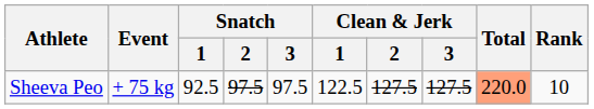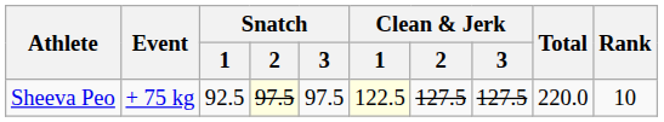 <table class=wikitable style="font-size:95%">
 <tr>
 <th rowspan="2">Athlete</th>
 <th rowspan="2">Event</th>
 <th colspan="3">Snatch</th>
 <th colspan="3">Clean & Jerk</th>
 <th rowspan="2">Total</th>
 <th rowspan="2">Rank</th>
 </tr>
 <tr>
 <th>1</th>
 <th>2</th>
 <th>3</th>
 <th>1</th>
 <th>2</th>
 <th>3</th>
 </tr>
 <tr>
 <td><a href='#'>Sheeva Peo</a></td>
 <td align=center><a href='#'>+ 75 kg</a></td>
 <td align=center>92.5</td>
-<td align=center><s>97.5</s></td>
+<td align=center style="background: lightyellow;"><s>97.5</s></td>
 <td align=center>97.5</td>
-<td align=center>122.5</td>
+<td align=center style="background: lightyellow;">122.5</td>
 <td align=center><s>127.5</s></td>
 <td align=center><s>127.5</s></td>
-<td align=center style="background: lightsalmon;">220.0</td>
+<td align=center>220.0</td>
 <td align=center>10</td>
 </tr>
 </table>
